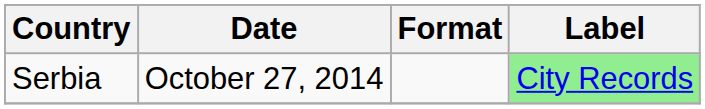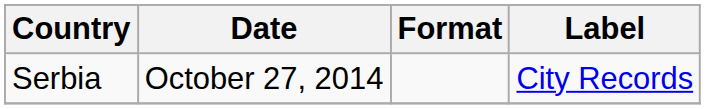 <table class="wikitable plainrowheaders">
 <tr>
 <th scope="col">Country</th>
 <th scope="col">Date</th>
 <th scope="col">Format</th>
 <th scope="col">Label</th>
 </tr>
 <tr>
 <td>Serbia</td>
 <td>October 27, 2014</td>
 <td></td>
-<td style="background: lightgreen;"><a href='#'>City Records</a></td>
+<td><a href='#'>City Records</a></td>
 </tr>
 <tr>
 </tr>
 </table>
